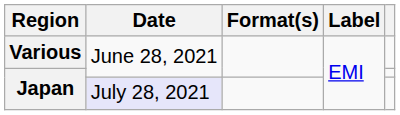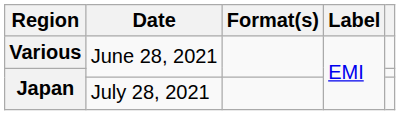 <table class="wikitable plainrowheaders">
 <tr>
 <th>Region</th>
 <th>Date</th>
 <th>Format(s)</th>
 <th>Label</th>
 <th></th>
 </tr>
 <tr>
 <th scope="row">Various</th>
 <td rowspan="2">June 28, 2021</td>
 <td rowspan="2"></td>
 <td rowspan="3"><a href='#'> EMI</a></td>
 <td align="center"></td>
 </tr>
 <tr>
 <th scope="row" rowspan="2">Japan</th>
 <td align="center"></td>
 </tr>
 <tr>
-<td style="background: lavender;">July 28, 2021</td>
+<td>July 28, 2021</td>
 <td></td>
 <td align="center"></td>
 </tr>
 </table>
